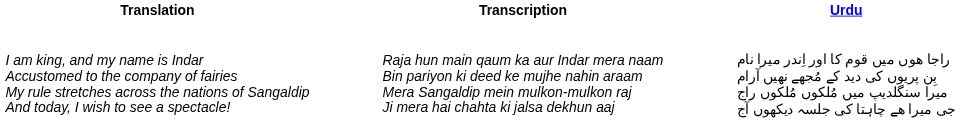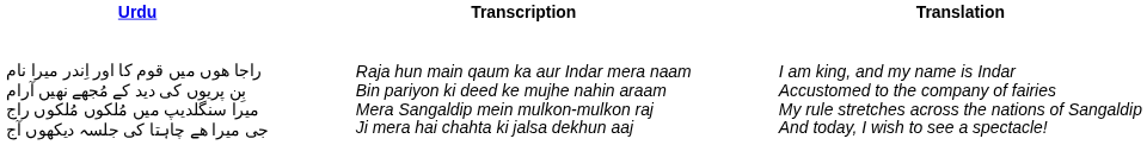 <table>
 <tr>
+<th><a href='#'>Urdu</a></th>
+<th>Transcription</th>
 <th>Translation</th>
-<th>Transcription</th>
-<th><a href='#'>Urdu</a></th>
 </tr>
 <tr>
+<td><br><blockquote>راجا هوں میں قوم کا اور اِندر میرا نام<br> بِن پریوں کی دید کے مُجهے نهیں آرام<br> میرا سنگلدیپ میں مُلکوں مُلکوں راج<br> جی میرا هے چاہتا کی جلسہ دیکهوں آج<br> </blockquote></td>
+<td><br><blockquote> <em>Raja hun main qaum ka aur Indar mera naam</em><br> <em>Bin pariyon ki deed ke mujhe nahin araam</em><br> <em>Mera Sangaldip mein mulkon-mulkon raj</em><br> <em>Ji mera hai chahta ki jalsa dekhun aaj</em><br> </blockquote></td>
 <td><br><blockquote> <em>I am king, and my name is Indar</em><br> <em>Accustomed to the company of fairies</em><br> <em>My rule stretches across the nations of Sangaldip</em><br> <em>And today, I wish to see a spectacle!</em><br> </blockquote></td>
-<td><br><blockquote> <em>Raja hun main qaum ka aur Indar mera naam</em><br> <em>Bin pariyon ki deed ke mujhe nahin araam</em><br> <em>Mera Sangaldip mein mulkon-mulkon raj</em><br> <em>Ji mera hai chahta ki jalsa dekhun aaj</em><br> </blockquote></td>
-<td><br><blockquote>راجا هوں میں قوم کا اور اِندر میرا نام<br> بِن پریوں کی دید کے مُجهے نهیں آرام<br> میرا سنگلدیپ میں مُلکوں مُلکوں راج<br> جی میرا هے چاہتا کی جلسہ دیکهوں آج<br> </blockquote></td>
 </tr>
 </table>
